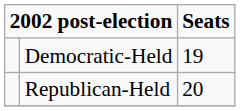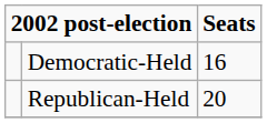 <table class="wikitable">
 <tr>
 <td colspan="2" rowspan="1" align="center" valign="top"><strong>2002 post-election</strong></td>
 <td style="vertical-align:top;"><strong>Seats</strong><br></td>
 </tr>
 <tr>
 <td style="background-color:"> </td>
 <td>Democratic-Held</td>
-<td>19</td>
+<td>16</td>
 </tr>
 <tr>
 <td style="background-color:"> </td>
 <td>Republican-Held</td>
 <td>20</td>
 </tr>
 <tr>
 </tr>
 </table>
